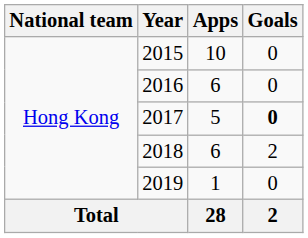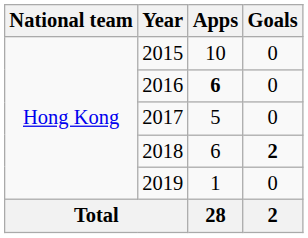 <table class="wikitable" style="text-align:center">
 <tr>
 <th>National team</th>
 <th>Year</th>
 <th>Apps</th>
 <th>Goals</th>
 </tr>
 <tr>
 <td rowspan="5"><a href='#'>Hong Kong</a></td>
 <td>2015</td>
 <td>10</td>
 <td>0</td>
 </tr>
 <tr>
 <td>2016</td>
-<td>6</td>
+<td><strong>6</strong></td>
 <td>0</td>
 </tr>
 <tr>
 <td>2017</td>
 <td>5</td>
-<td><strong>0</strong></td>
+<td>0</td>
 </tr>
 <tr>
 <td>2018</td>
 <td>6</td>
-<td>2</td>
+<td><strong>2</strong></td>
 </tr>
 <tr>
 <td>2019</td>
 <td>1</td>
 <td>0</td>
 </tr>
 <tr>
 <th colspan=2>Total</th>
 <th>28</th>
 <th>2</th>
 </tr>
 </table>
